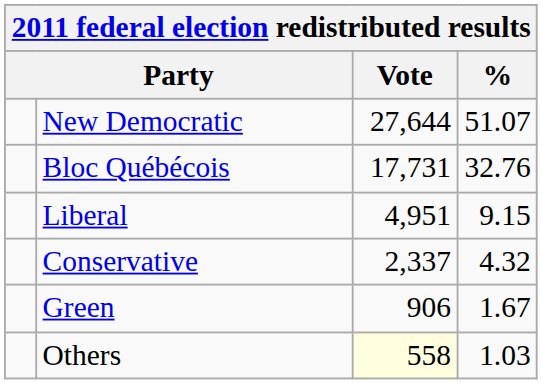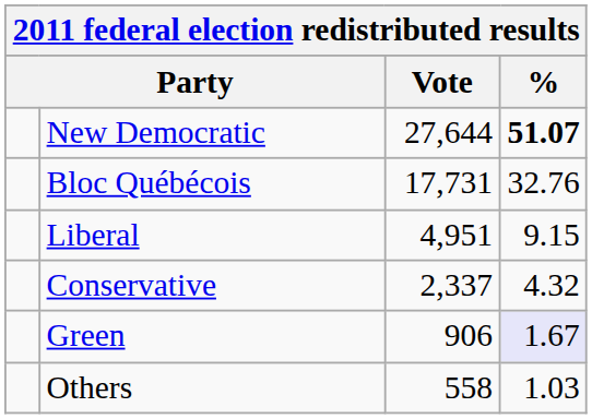 <table class="wikitable">
 <tr>
 <th colspan="4"><a href='#'>2011 federal election</a> redistributed results</th>
 </tr>
 <tr>
 <th bgcolor="#DDDDFF" width="130px" colspan="2">Party</th>
 <th bgcolor="#DDDDFF" width="50px">Vote</th>
 <th bgcolor="#DDDDFF" width="30px">%</th>
 </tr>
 <tr>
 <td> </td>
 <td><a href='#'>New Democratic</a></td>
 <td align=right>27,644</td>
-<td align=right>51.07</td>
+<td align=right><strong>51.07</strong></td>
 </tr>
 <tr>
 <td> </td>
 <td><a href='#'>Bloc Québécois</a></td>
 <td align=right>17,731</td>
 <td align=right>32.76</td>
 </tr>
 <tr>
 <td> </td>
 <td><a href='#'>Liberal</a></td>
 <td align=right>4,951</td>
 <td align=right>9.15</td>
 </tr>
 <tr>
 <td> </td>
 <td><a href='#'>Conservative</a></td>
 <td align=right>2,337</td>
 <td align=right>4.32</td>
 </tr>
 <tr>
 <td> </td>
 <td><a href='#'>Green</a></td>
 <td align=right>906</td>
-<td align=right>1.67</td>
+<td align=right style="background: lavender;">1.67</td>
 </tr>
 <tr>
 <td> </td>
 <td>Others</td>
-<td align=right style="background: lightyellow;">558</td>
+<td align=right>558</td>
 <td align=right>1.03</td>
 </tr>
 </table>
